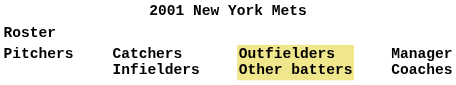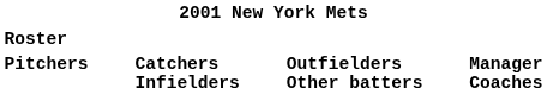 <table class="toccolours" style="font-size: 95%;">
 <tr>
 <th colspan="10">2001 New York Mets</th>
 </tr>
 <tr>
 <td colspan="10"><strong>Roster</strong></td>
 </tr>
 <tr>
 <td valign="top"><strong>Pitchers</strong><br>                    </td>
 <td width="25px"></td>
 <td valign="top"><strong>Catchers</strong><br>    <strong>Infielders</strong>         </td>
 <td width="25px"></td>
-<td valign="top" style="background: khaki;"><strong>Outfielders</strong><br>         <strong>Other batters</strong> </td>
+<td valign="top"><strong>Outfielders</strong><br>         <strong>Other batters</strong> </td>
 <td width="25px"></td>
 <td valign="top"><strong>Manager</strong><br> <strong>Coaches</strong>      </td>
 </tr>
 </table>
